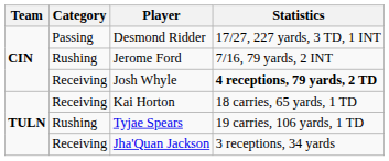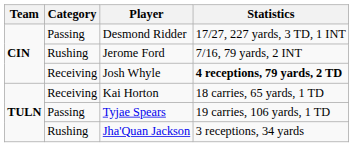 <table class="wikitable" style="float: left;">
 <tr>
 <th>Team</th>
 <th>Category</th>
 <th>Player</th>
 <th>Statistics</th>
 </tr>
 <tr>
 <td rowspan=3><strong>CIN</strong></td>
 <td>Passing</td>
 <td>Desmond Ridder</td>
 <td>17/27, 227 yards, 3 TD, 1 INT</td>
 </tr>
 <tr>
 <td>Rushing</td>
 <td>Jerome Ford</td>
 <td>7/16, 79 yards, 2 INT</td>
 </tr>
 <tr>
 <td>Receiving</td>
 <td>Josh Whyle</td>
 <td><strong>4 receptions, 79 yards, 2 TD</strong></td>
 </tr>
 <tr>
 <td rowspan=3><strong>TULN</strong></td>
 <td>Receiving</td>
 <td>Kai Horton</td>
 <td>18 carries, 65 yards, 1 TD</td>
 </tr>
 <tr>
-<td>Rushing</td>
+<td>Passing</td>
 <td><a href='#'>Tyjae Spears</a></td>
 <td>19 carries, 106 yards, 1 TD</td>
 </tr>
 <tr>
-<td>Receiving</td>
+<td>Rushing</td>
 <td><a href='#'>Jha'Quan Jackson</a></td>
 <td>3 receptions, 34 yards</td>
 </tr>
 </table>
